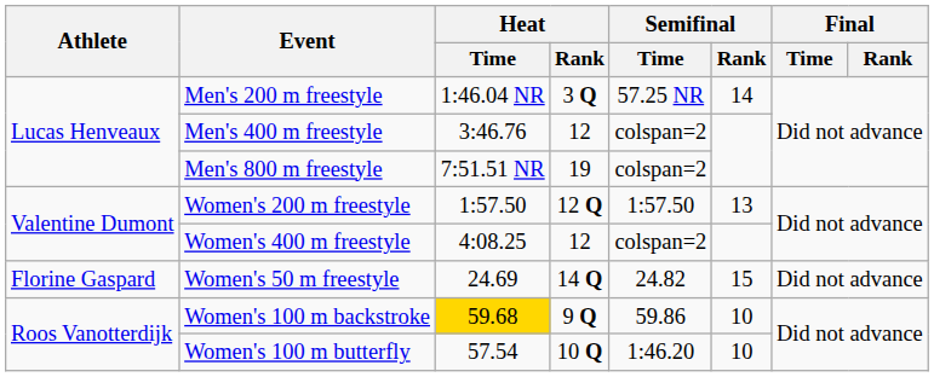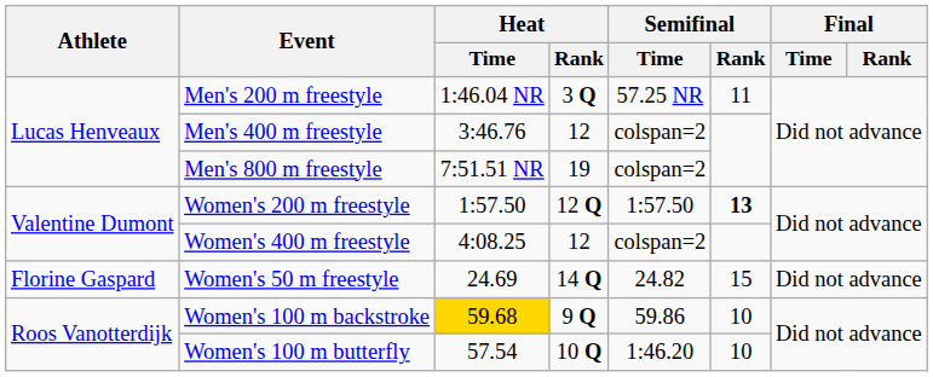 <table class=wikitable style="font-size:90%">
 <tr>
 <th rowspan="2">Athlete</th>
 <th rowspan="2">Event</th>
 <th colspan="2">Heat</th>
 <th colspan="2">Semifinal</th>
 <th colspan="2">Final</th>
 </tr>
 <tr style="font-size:95%">
 <th>Time</th>
 <th>Rank</th>
 <th>Time</th>
 <th>Rank</th>
 <th>Time</th>
 <th>Rank</th>
 </tr>
 <tr align=center>
 <td align=left  rowspan=3><a href='#'>Lucas Henveaux</a></td>
 <td align=left><a href='#'>Men's 200 m freestyle</a></td>
 <td>1:46.04 <a href='#'>NR</a></td>
 <td>3 <strong>Q</strong></td>
 <td>57.25 <a href='#'>NR</a></td>
-<td>14</td>
+<td>11</td>
 <td rowspan =3 colspan=2>Did not advance</td>
 </tr>
 <tr align=center>
 <td align=left><a href='#'>Men's 400 m freestyle</a></td>
 <td>3:46.76</td>
 <td>12</td>
 <td>colspan=2 </td>
 </tr>
 <tr align=center>
 <td align=left><a href='#'>Men's 800 m freestyle</a></td>
 <td>7:51.51 <a href='#'>NR</a></td>
 <td>19</td>
 <td>colspan=2 </td>
 </tr>
 <tr align=center>
 <td align=left rowspan=2><a href='#'>Valentine Dumont</a></td>
 <td align=left><a href='#'>Women's 200 m freestyle</a></td>
 <td>1:57.50</td>
 <td>12 <strong>Q</strong></td>
 <td>1:57.50</td>
-<td>13</td>
+<td><strong>13</strong></td>
 <td rowspan=2 colspan=2>Did not advance</td>
 </tr>
 <tr align=center>
 <td align=left><a href='#'>Women's 400 m freestyle</a></td>
 <td>4:08.25</td>
 <td>12</td>
 <td>colspan=2 </td>
 </tr>
 <tr align=center>
 <td align=left><a href='#'>Florine Gaspard</a></td>
 <td align=left><a href='#'>Women's 50 m freestyle</a></td>
 <td>24.69</td>
 <td>14 <strong>Q</strong></td>
 <td>24.82</td>
 <td>15</td>
 <td colspan=2>Did not advance</td>
 </tr>
 <tr align=center>
 <td align=left rowspan=2><a href='#'>Roos Vanotterdijk</a></td>
 <td align=left><a href='#'>Women's 100 m backstroke</a></td>
 <td style="background: gold;">59.68</td>
 <td>9 <strong>Q</strong></td>
 <td>59.86</td>
 <td>10</td>
 <td rowspan=2 colspan=2>Did not advance</td>
 </tr>
 <tr align=center>
 <td align=left><a href='#'>Women's 100 m butterfly</a></td>
 <td>57.54</td>
 <td>10 <strong>Q</strong></td>
 <td>1:46.20</td>
 <td>10</td>
 </tr>
 </table>
